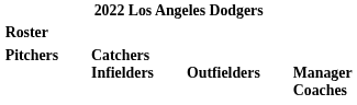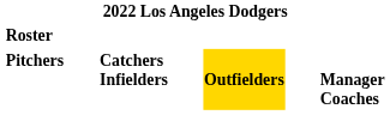 <table class="toccolours" style="font-size: 95%;">
 <tr>
 <th colspan="10">2022 Los Angeles Dodgers</th>
 </tr>
 <tr>
 <td colspan="10"><strong>Roster</strong></td>
 </tr>
 <tr>
 <td valign="top"><strong>Pitchers</strong><br>                             </td>
 <td width="25px"></td>
 <td valign="top"><strong>Catchers</strong><br>   <strong>Infielders</strong>        </td>
 <td width="25px"></td>
-<td valign="top"><br><strong>Outfielders</strong>          </td>
+<td valign="top" style="background: gold;"><br><strong>Outfielders</strong>          </td>
 <td width="25px"></td>
 <td valign="top"><br><strong>Manager</strong> <br><strong>Coaches</strong>                      </td>
 </tr>
 </table>
